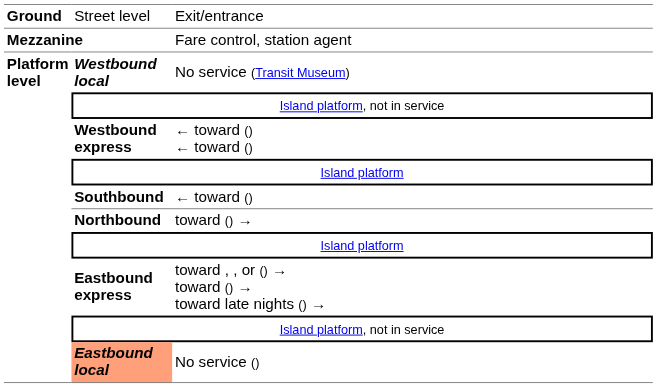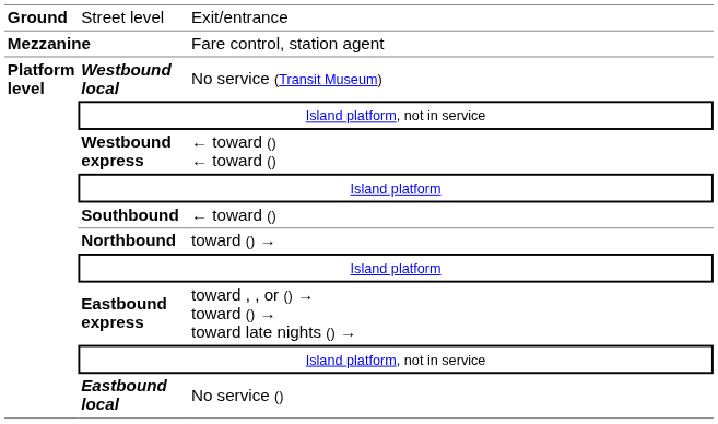 <table border=0 cellspacing=0 cellpadding=3>
 <tr>
 <td style="border-top:solid 1px gray;" width=50><strong>Ground</strong></td>
 <td style="border-top:solid 1px gray;" width=100>Street level</td>
 <td style="border-top:solid 1px gray;" width=500>Exit/entrance</td>
 </tr>
 <tr>
 <td style="border-top:solid 1px gray;" colspan=2><strong>Mezzanine</strong></td>
 <td style="border-top:solid 1px gray;">Fare control, station agent<br></td>
 </tr>
 <tr>
 <td style="border-top:solid 1px gray;border-bottom:solid 1px gray;vertical-align:top;" rowspan=10><strong>Platform level</strong></td>
 <td style="border-bottom:solid 0px gray;border-top:solid 1px gray;"><span><strong><em>Westbound local</em></strong></span></td>
 <td style="border-bottom:solid 0px gray;border-top:solid 1px gray;"> No service <small>(<a href='#'>Transit Museum</a>)</small></td>
 </tr>
 <tr>
 <td style="border-top:solid 2px black;border-right:solid 2px black;border-left:solid 2px black;border-bottom:solid 2px black;text-align:center;" colspan=2><small><a href='#'>Island platform</a>, not in service</small></td>
 </tr>
 <tr>
 <td><span><strong>Westbound express</strong></span></td>
 <td>←  toward  <small>()</small><br>←  toward  <small>()</small></td>
 </tr>
 <tr>
 <td style="border-top:solid 2px black;border-right:solid 2px black;border-left:solid 2px black;border-bottom:solid 2px black;text-align:center;" colspan=2><small><a href='#'>Island platform</a></small></td>
 </tr>
 <tr>
 <td style="border-bottom:solid 1px gray;"><span><strong>Southbound</strong></span></td>
 <td style="border-bottom:solid 1px gray;">←  toward  <small>()</small></td>
 </tr>
 <tr>
 <td><span><strong>Northbound</strong></span></td>
 <td>  toward  <small>()</small> →</td>
 </tr>
 <tr>
 <td style="border-top:solid 2px black;border-right:solid 2px black;border-left:solid 2px black;border-bottom:solid 2px black;text-align:center;" colspan=2><small><a href='#'>Island platform</a></small></td>
 </tr>
 <tr>
 <td><span><strong>Eastbound express</strong></span></td>
 <td>   toward , , or  <small>()</small> →<br>   toward  <small>()</small> →<br>   toward  late nights <small>()</small> →</td>
 </tr>
 <tr>
 <td style="border-top:solid 2px black;border-right:solid 2px black;border-left:solid 2px black;border-bottom:solid 2px black;text-align:center;" colspan=2><small><a href='#'>Island platform</a>, not in service</small></td>
 </tr>
 <tr>
-<td style="background: lightsalmon; border-bottom:solid 1px gray;"><span><strong><em>Eastbound local</em></strong></span></td>
+<td style="border-bottom:solid 1px gray;"><span><strong><em>Eastbound local</em></strong></span></td>
 <td style="border-bottom:solid 1px gray;"> No service <small>()</small></td>
 </tr>
 </table>
